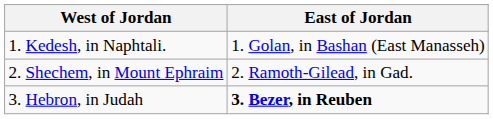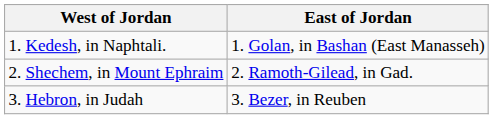 <table class=wikitable>
 <tr>
 <th>West of Jordan</th>
 <th>East of Jordan</th>
 </tr>
 <tr>
 <td>1. <a href='#'>Kedesh</a>, in Naphtali.</td>
 <td>1. <a href='#'>Golan</a>, in <a href='#'>Bashan</a> (East Manasseh)</td>
 </tr>
 <tr>
 <td>2.  <a href='#'>Shechem</a>, in <a href='#'>Mount Ephraim</a></td>
 <td>2. <a href='#'>Ramoth-Gilead</a>, in Gad.</td>
 </tr>
 <tr>
 <td>3. <a href='#'>Hebron</a>, in Judah</td>
-<td><strong>3. <a href='#'>Bezer</a>, in Reuben</strong></td>
+<td>3. <a href='#'>Bezer</a>, in Reuben</td>
 </tr>
 </table>
